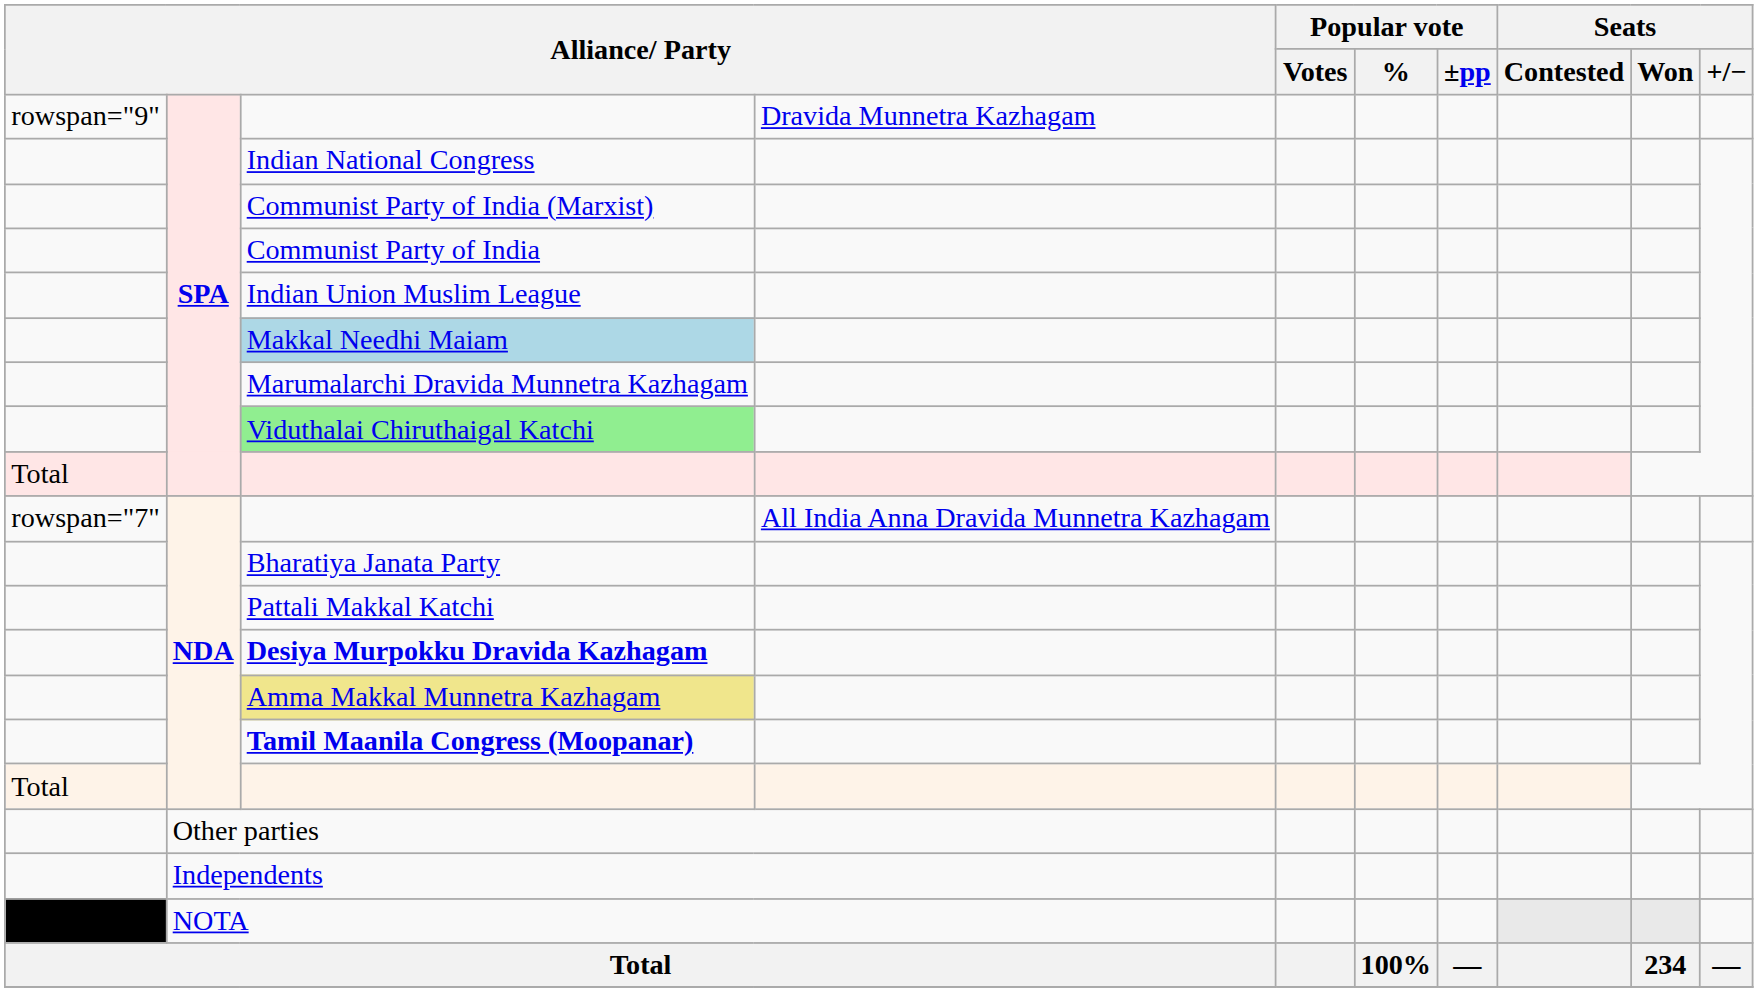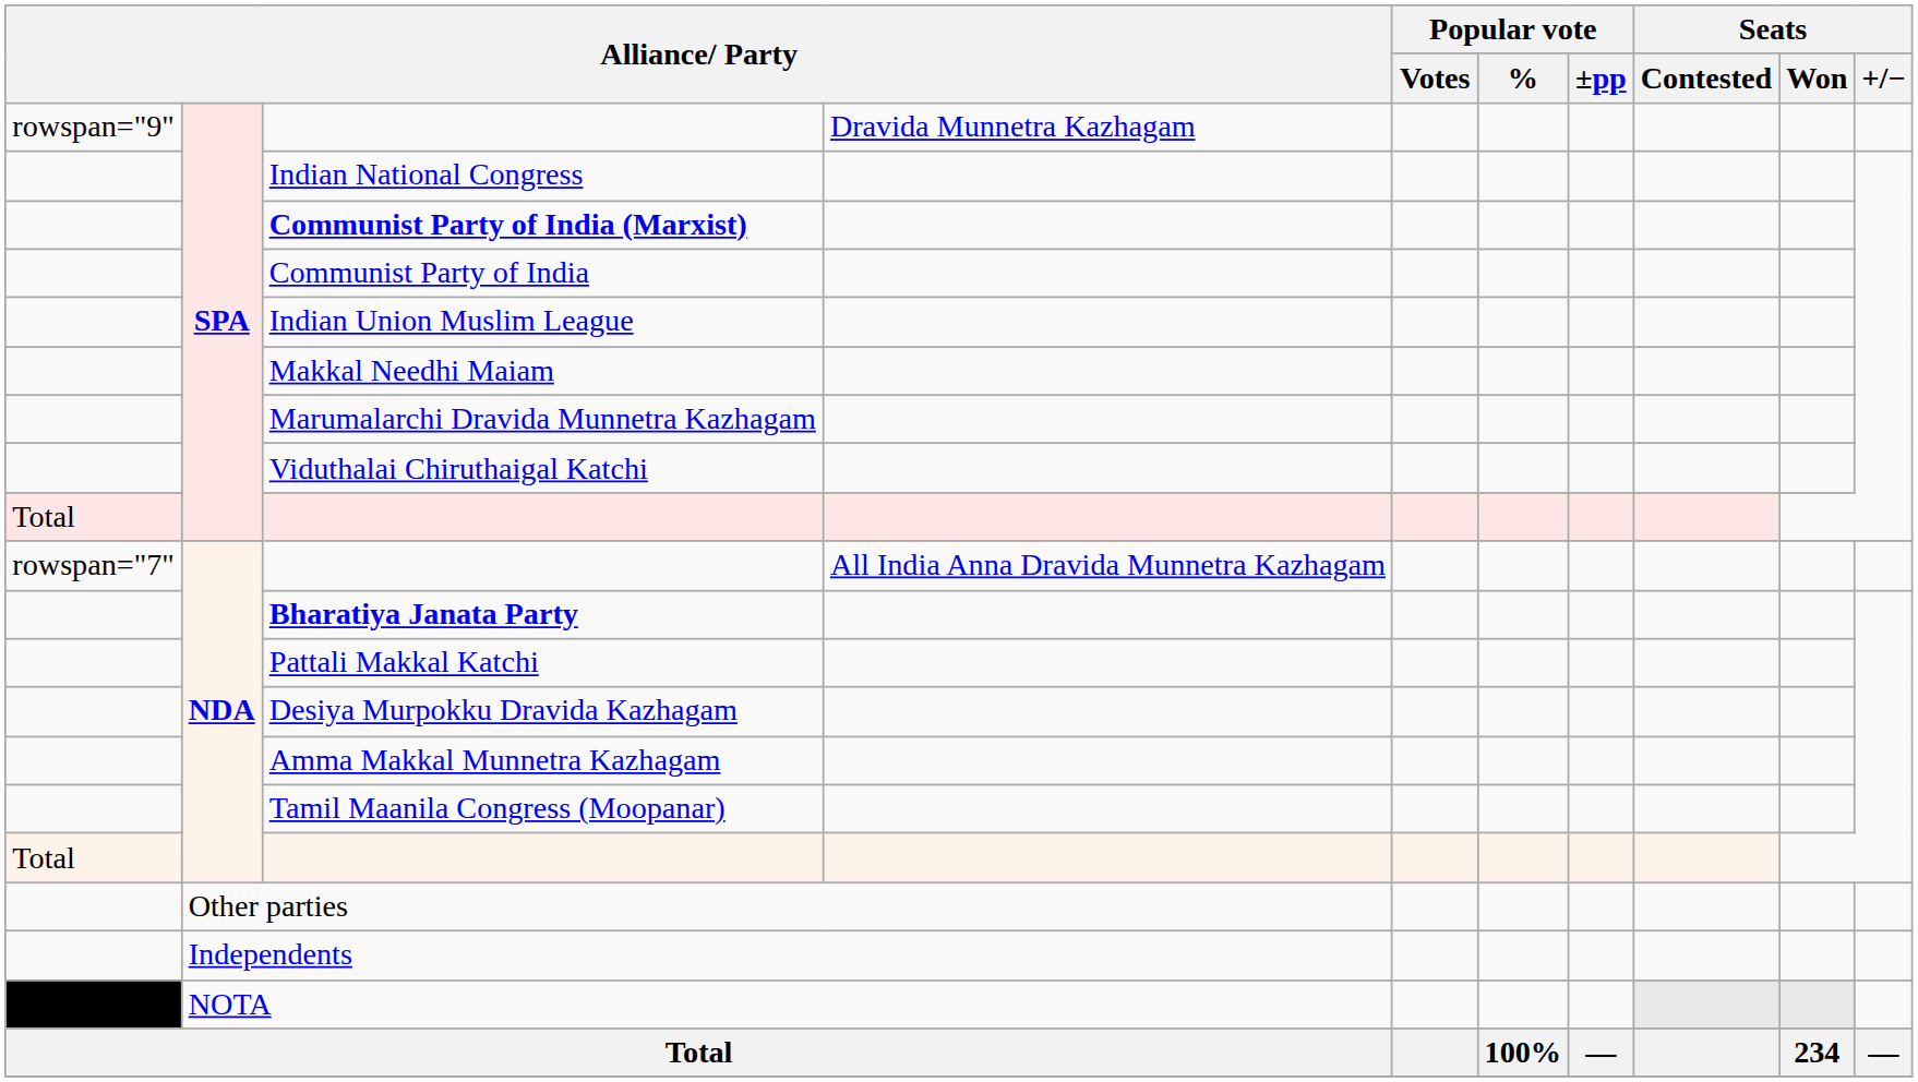 <table class="wikitable sortable">
 <tr>
 <th colspan="4" rowspan="2">Alliance/ Party</th>
 <th colspan="3">Popular vote</th>
 <th colspan="3">Seats</th>
 </tr>
 <tr>
 <th>Votes</th>
 <th>%</th>
 <th>±<a href='#'>pp</a></th>
 <th>Contested</th>
 <th>Won</th>
 <th><strong>+/−</strong></th>
 </tr>
 <tr>
 <td>rowspan="9" </td>
 <th rowspan="9" style="background:#FFE6E6"><a href='#'>SPA</a></th>
 <td></td>
 <td><a href='#'>Dravida Munnetra Kazhagam</a></td>
 <td></td>
 <td></td>
 <td></td>
 <td></td>
 <td></td>
 <td></td>
 </tr>
 <tr>
 <td></td>
 <td><a href='#'>Indian National Congress</a></td>
 <td></td>
 <td></td>
 <td></td>
 <td></td>
 <td></td>
 <td></td>
 </tr>
 <tr>
 <td></td>
-<td><a href='#'>Communist Party of India (Marxist)</a></td>
+<td><strong><a href='#'>Communist Party of India (Marxist)</a></strong></td>
 <td></td>
 <td></td>
 <td></td>
 <td></td>
 <td></td>
 <td></td>
 </tr>
 <tr>
 <td></td>
 <td><a href='#'>Communist Party of India</a></td>
 <td></td>
 <td></td>
 <td></td>
 <td></td>
 <td></td>
 <td></td>
 </tr>
 <tr>
 <td></td>
 <td><a href='#'>Indian Union Muslim League</a></td>
 <td></td>
 <td></td>
 <td></td>
 <td></td>
 <td></td>
 <td></td>
 </tr>
 <tr>
 <td></td>
-<td style="background: lightblue;"><a href='#'>Makkal Needhi Maiam</a></td>
+<td><a href='#'>Makkal Needhi Maiam</a></td>
 <td></td>
 <td></td>
 <td></td>
 <td></td>
 <td></td>
 <td></td>
 </tr>
 <tr>
 <td></td>
 <td><a href='#'>Marumalarchi Dravida Munnetra Kazhagam</a></td>
 <td></td>
 <td></td>
 <td></td>
 <td></td>
 <td></td>
 <td></td>
 </tr>
 <tr>
 <td></td>
-<td style="background: lightgreen;"><a href='#'>Viduthalai Chiruthaigal Katchi</a></td>
+<td><a href='#'>Viduthalai Chiruthaigal Katchi</a></td>
 <td></td>
 <td></td>
 <td></td>
 <td></td>
 <td></td>
 <td></td>
 </tr>
 <tr>
 <td colspan="2"style="background:#FFE6E6">Total</td>
 <td style="color:inherit;background:#FFE6E6"></td>
 <td style="color:inherit;background:#FFE6E6"></td>
 <td style="color:inherit;background:#FFE6E6"></td>
 <td style="color:inherit;background:#FFE6E6"></td>
 <td style="color:inherit;background:#FFE6E6"></td>
 <td style="color:inherit;background:#FFE6E6"></td>
 </tr>
 <tr>
 <td>rowspan="7" </td>
 <th rowspan="7" style="background:#fef3e8"><a href='#'>NDA</a></th>
 <td></td>
 <td><a href='#'>All India Anna Dravida Munnetra Kazhagam</a></td>
 <td></td>
 <td></td>
 <td></td>
 <td></td>
 <td></td>
 <td></td>
 </tr>
 <tr>
 <td></td>
-<td><a href='#'>Bharatiya Janata Party</a></td>
+<td><strong><a href='#'>Bharatiya Janata Party</a></strong></td>
 <td></td>
 <td></td>
 <td></td>
 <td></td>
 <td></td>
 <td></td>
 </tr>
 <tr>
 <td></td>
 <td><a href='#'>Pattali Makkal Katchi</a></td>
 <td></td>
 <td></td>
 <td></td>
 <td></td>
 <td></td>
 <td></td>
 </tr>
 <tr>
 <td></td>
-<td><strong><a href='#'>Desiya Murpokku Dravida Kazhagam</a></strong></td>
+<td><a href='#'>Desiya Murpokku Dravida Kazhagam</a></td>
 <td></td>
 <td></td>
 <td></td>
 <td></td>
 <td></td>
 <td></td>
 </tr>
 <tr>
 <td></td>
-<td style="background: khaki;"><a href='#'>Amma Makkal Munnetra Kazhagam</a></td>
+<td><a href='#'>Amma Makkal Munnetra Kazhagam</a></td>
 <td></td>
 <td></td>
 <td></td>
 <td></td>
 <td></td>
 <td></td>
 </tr>
 <tr>
 <td></td>
-<td><strong><a href='#'>Tamil Maanila Congress (Moopanar)</a></strong></td>
+<td><a href='#'>Tamil Maanila Congress (Moopanar)</a></td>
 <td></td>
 <td></td>
 <td></td>
 <td></td>
 <td></td>
 <td></td>
 </tr>
 <tr>
 <td colspan="2"style="background:#fef3e8">Total</td>
 <td style="color:inherit;background:#fef3e8"></td>
 <td style="color:inherit;background:#fef3e8"></td>
 <td style="color:inherit;background:#fef3e8"></td>
 <td style="color:inherit;background:#fef3e8"></td>
 <td style="color:inherit;background:#fef3e8"></td>
 <td style="color:inherit;background:#fef3e8"></td>
 </tr>
 <tr>
 <td></td>
 <td colspan="3">Other parties</td>
 <td></td>
 <td></td>
 <td></td>
 <td></td>
 <td></td>
 <td></td>
 </tr>
 <tr>
 <td></td>
 <td colspan="3"><a href='#'>Independents</a></td>
 <td></td>
 <td></td>
 <td></td>
 <td></td>
 <td></td>
 <td></td>
 </tr>
 <tr>
 <td style="background:Black; color:White"></td>
 <td colspan="3"><a href='#'>NOTA</a></td>
 <td></td>
 <td></td>
 <td></td>
 <th style="background-color:#E9E9E9"></th>
 <th style="background-color:#E9E9E9"></th>
 <td></td>
 </tr>
 <tr>
 <th colspan="4">Total</th>
 <th></th>
 <th>100%</th>
 <th>—</th>
 <th></th>
 <th>234</th>
 <th>—</th>
 </tr>
 <tr>
 </tr>
 </table>
